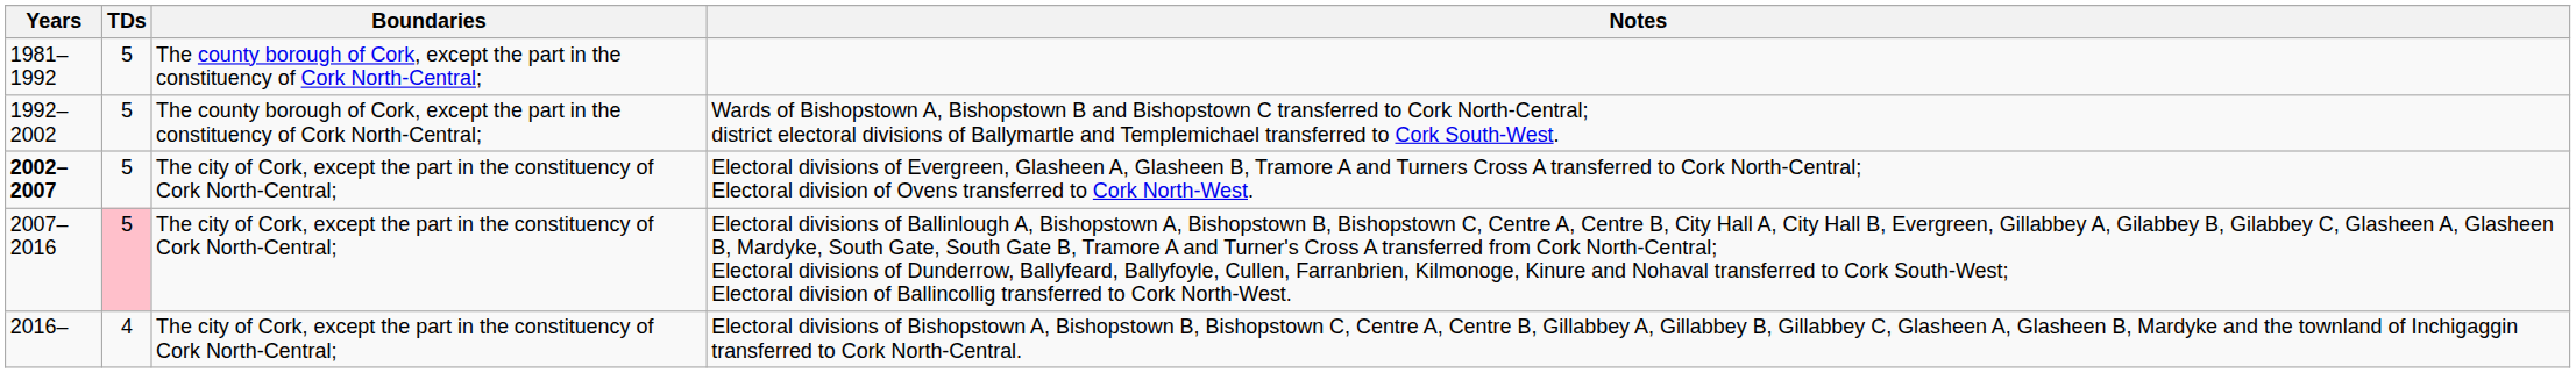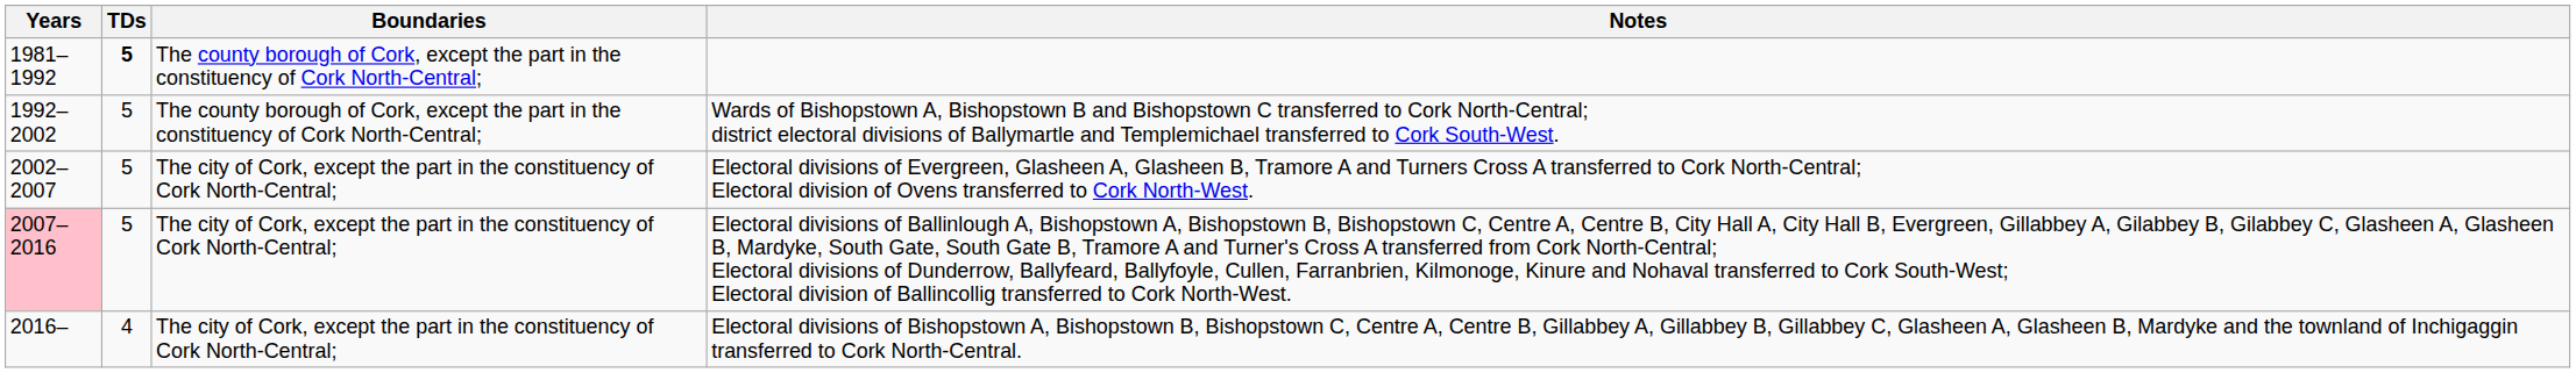 <table class="wikitable">
 <tr>
 </tr>
 <tr>
 <th>Years</th>
 <th>TDs</th>
 <th>Boundaries</th>
 <th>Notes</th>
 </tr>
 <tr style="vertical-align:top">
 <td>1981–1992</td>
-<td style="text-align:center">5</td>
+<td style="text-align:center"><strong>5</strong></td>
 <td>The <a href='#'>county borough of Cork</a>, except the part in the constituency of <a href='#'>Cork North-Central</a>;<br></td>
 </tr>
 <tr style="vertical-align:top">
 <td>1992–2002</td>
 <td style="text-align:center">5</td>
 <td>The county borough of Cork, except the part in the constituency of Cork North-Central;<br></td>
 <td>Wards of Bishopstown A, Bishopstown B and Bishopstown C transferred to Cork North-Central;<br>district electoral divisions of Ballymartle and Templemichael transferred to <a href='#'>Cork South-West</a>.</td>
 </tr>
 <tr style="vertical-align:top">
-<td><strong>2002–2007</strong></td>
+<td>2002–2007</td>
 <td style="text-align:center">5</td>
 <td>The city of Cork, except the part in the constituency of Cork North-Central;<br></td>
 <td>Electoral divisions of Evergreen, Glasheen A, Glasheen B, Tramore A and Turners Cross A transferred to Cork North-Central;<br>Electoral division of Ovens transferred to <a href='#'>Cork North-West</a>.</td>
 </tr>
 <tr style="vertical-align:top">
-<td>2007–2016</td>
-<td style="background: pink; text-align:center">5</td>
+<td style="background: pink;">2007–2016</td>
+<td style="text-align:center">5</td>
 <td>The city of Cork, except the part in the constituency of Cork North-Central;<br></td>
 <td>Electoral divisions of Ballinlough A, Bishopstown A, Bishopstown B, Bishopstown C, Centre A, Centre B, City Hall A, City Hall B, Evergreen, Gillabbey A, Gilabbey B, Gilabbey C, Glasheen A, Glasheen B, Mardyke, South Gate, South Gate B, Tramore A and Turner's Cross A transferred from Cork North-Central;<br>Electoral divisions of Dunderrow, Ballyfeard, Ballyfoyle, Cullen, Farranbrien, Kilmonoge, Kinure and Nohaval transferred to Cork South-West;<br>Electoral division of Ballincollig transferred to Cork North-West.</td>
 </tr>
 <tr style="vertical-align:top">
 <td>2016–</td>
 <td style="text-align:center">4</td>
 <td>The city of Cork, except the part in the constituency of Cork North-Central;<br></td>
 <td>Electoral divisions of Bishopstown A, Bishopstown B, Bishopstown C, Centre A, Centre B, Gillabbey A, Gillabbey B, Gillabbey C, Glasheen A, Glasheen B, Mardyke and the townland of Inchigaggin transferred to Cork North-Central.</td>
 </tr>
 </table>
